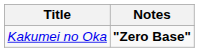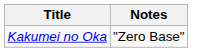 <table class="wikitable">
 <tr>
 <th>Title</th>
 <th>Notes</th>
 </tr>
 <tr>
 <td><em><a href='#'>Kakumei no Oka</a></em></td>
-<td><strong>"Zero Base"</strong></td>
+<td>"Zero Base"</td>
 </tr>
 </table>
